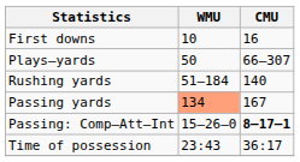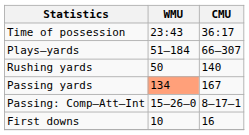 <table class="wikitable" style="float: left;">
 <tr>
 <th>Statistics</th>
 <th>WMU</th>
 <th>CMU</th>
 </tr>
 <tr>
-<td>First downs</td>
-<td>10</td>
-<td>16</td>
+<td>Time of possession</td>
+<td>23:43</td>
+<td>36:17</td>
 </tr>
 <tr>
 <td>Plays–yards</td>
-<td>50</td>
+<td>51–184</td>
 <td>66–307</td>
 </tr>
 <tr>
 <td>Rushing yards</td>
-<td>51–184</td>
+<td>50</td>
 <td>140</td>
 </tr>
 <tr>
 <td>Passing yards</td>
 <td style="background: lightsalmon;">134</td>
 <td>167</td>
 </tr>
 <tr>
 <td>Passing: Comp–Att–Int</td>
 <td>15–26–0</td>
-<td><strong>8–17–1</strong></td>
+<td>8–17–1</td>
 </tr>
 <tr>
-<td>Time of possession</td>
-<td>23:43</td>
-<td>36:17</td>
+<td>First downs</td>
+<td>10</td>
+<td>16</td>
 </tr>
 <tr>
 </tr>
 </table>
